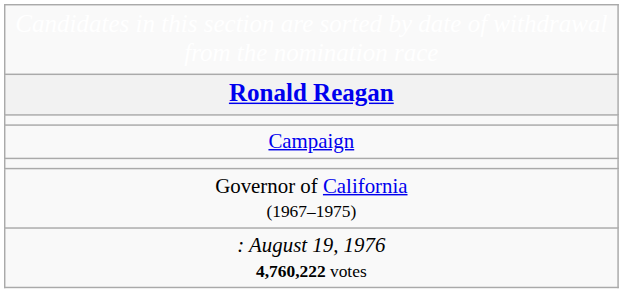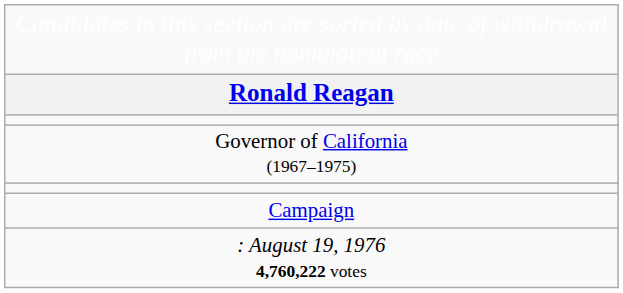 <table class="wikitable" style="font-size:90%">
 <tr>
 <td colspan="2" style="text-align:center; width:415px; font-size:120%; color:white; background:"><em>Candidates in this section are sorted by date of withdrawal from the nomination race</em></td>
 </tr>
 <tr>
 <th scope="col" style="width:3em; font-size:120%;"><a href='#'>Ronald Reagan</a></th>
 </tr>
 <tr>
 <td></td>
 </tr>
 <tr style="text-align:center">
-<td><a href='#'>Campaign</a></td>
+<td>Governor of <a href='#'>California</a><br><small>(1967–1975)</small></td>
 </tr>
 <tr>
 <td></td>
 </tr>
 <tr style="text-align:center">
-<td>Governor of <a href='#'>California</a><br><small>(1967–1975)</small></td>
+<td><a href='#'>Campaign</a></td>
 </tr>
 <tr style="text-align:center">
 <td><em>: August 19, 1976</em><br><small><strong>4,760,222</strong> votes</small></td>
 </tr>
 </table>
